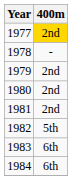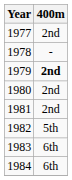 <table class=wikitable>
 <tr>
 <th>Year</th>
 <th>400m</th>
 </tr>
 <tr>
 <td>1977</td>
-<td align="center" style="background: gold;">2nd</td>
+<td align="center">2nd</td>
 </tr>
 <tr>
 <td>1978</td>
 <td align="center">-</td>
 </tr>
 <tr>
 <td>1979</td>
-<td align="center">2nd</td>
+<td align="center"><strong>2nd</strong></td>
 </tr>
 <tr>
 <td>1980</td>
 <td align="center">2nd</td>
 </tr>
 <tr>
 <td>1981</td>
 <td align="center">2nd</td>
 </tr>
 <tr>
 <td>1982</td>
 <td align="center">5th</td>
 </tr>
 <tr>
 <td>1983</td>
 <td align="center">6th</td>
 </tr>
 <tr>
 <td>1984</td>
 <td align="center">6th</td>
 </tr>
 <tr>
 </tr>
 </table>
